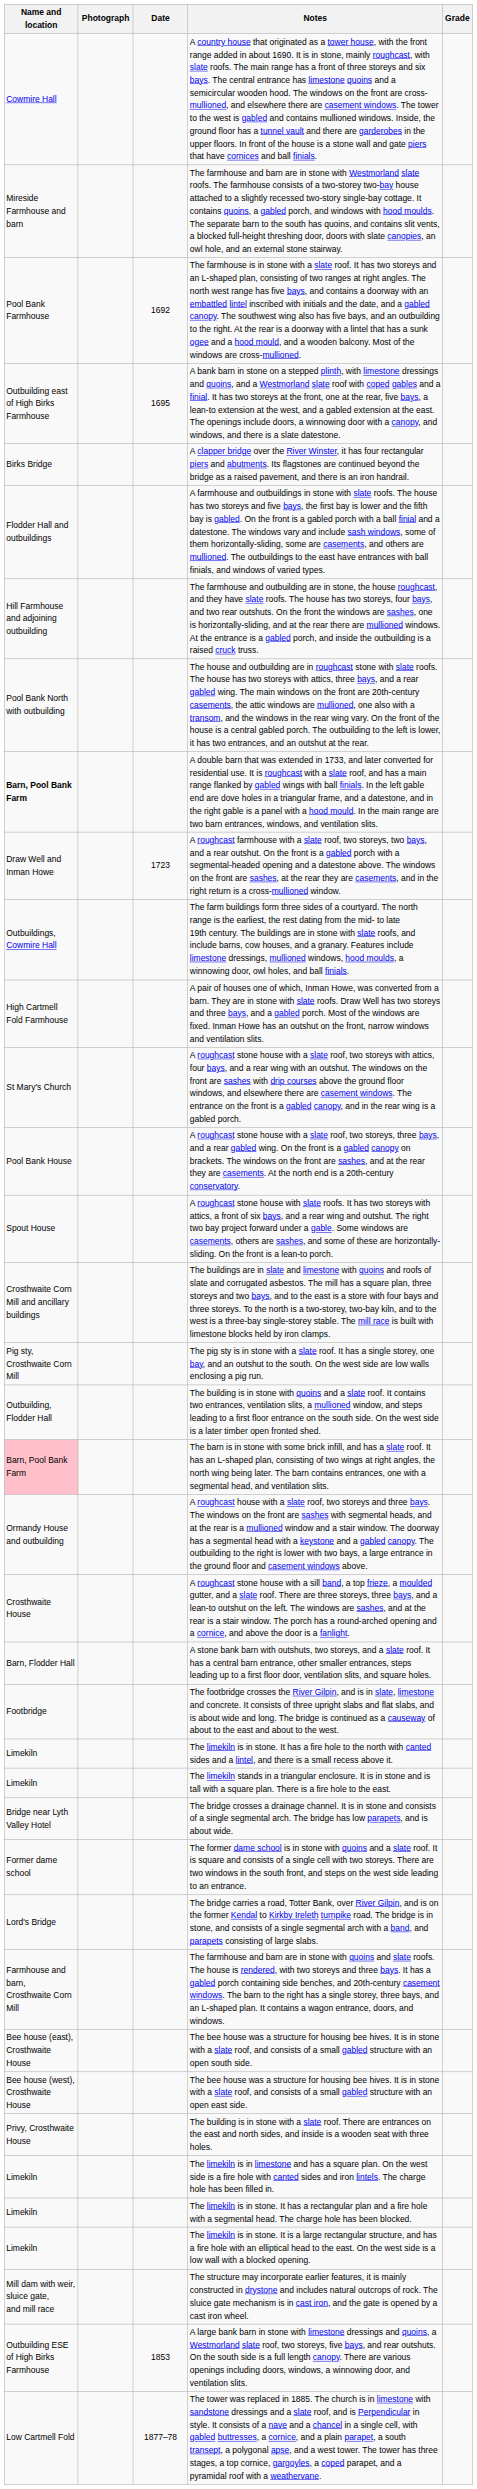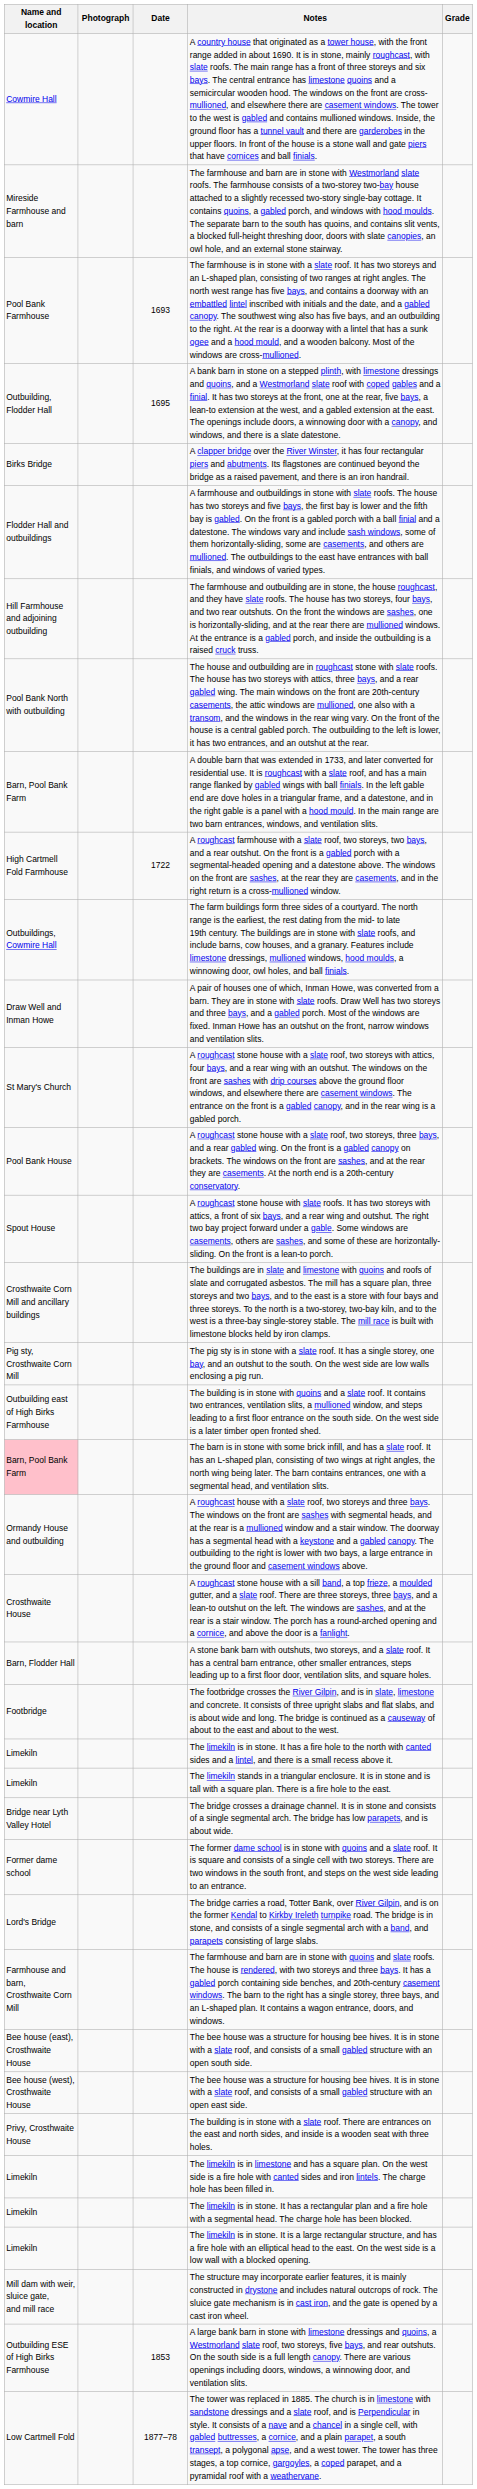 <table class="wikitable sortable plainrowheaders" style="width:100%; border:0; text-align:left; line-height:150%;">
 <tr>
 <th scope="col"  style="width:150px">Name and location</th>
 <th scope="col"  style="width:100px" class="unsortable">Photograph</th>
 <th scope="col"  style="width:120px">Date</th>
 <th scope="col"  style="width:650px" class="unsortable">Notes</th>
 <th scope="col"  style="width:50px">Grade</th>
 </tr>
 <tr>
 <td><a href='#'>Cowmire Hall</a><br><small></small></td>
 <td></td>
 <td align="center"></td>
 <td>A <a href='#'>country house</a> that originated as a <a href='#'>tower house</a>, with the front range added in about 1690.  It is in stone, mainly <a href='#'>roughcast</a>, with <a href='#'>slate</a> roofs.  The main range has a front of three storeys and six <a href='#'>bays</a>.  The central entrance has <a href='#'>limestone</a> <a href='#'>quoins</a> and a semicircular wooden hood.  The windows on the front are cross-<a href='#'>mullioned</a>, and elsewhere there are <a href='#'>casement windows</a>.  The tower to the west is <a href='#'>gabled</a> and contains mullioned windows.  Inside, the ground floor has a <a href='#'>tunnel vault</a> and there are <a href='#'>garderobes</a> in the upper floors.  In front of the house is a stone wall and gate <a href='#'>piers</a> that have <a href='#'>cornices</a> and ball <a href='#'>finials</a>.</td>
 <td align="center" ></td>
 </tr>
 <tr>
 <td>Mireside Farmhouse and barn<br><small></small></td>
 <td></td>
 <td align="center"></td>
 <td>The farmhouse and barn are in stone with <a href='#'>Westmorland</a> <a href='#'>slate</a> roofs.  The farmhouse consists of a two-storey two-<a href='#'>bay</a> house attached to a slightly recessed two-story single-bay cottage.  It contains <a href='#'>quoins</a>, a <a href='#'>gabled</a> porch, and windows with <a href='#'>hood moulds</a>.  The separate barn to the south has quoins, and contains slit vents, a blocked full-height threshing door, doors with slate <a href='#'>canopies</a>, an owl hole, and an external stone stairway.</td>
 <td align="center" ></td>
 </tr>
 <tr>
 <td>Pool Bank Farmhouse<br><small></small></td>
 <td></td>
-<td align="center">1692</td>
+<td align="center">1693</td>
 <td>The farmhouse is in stone with a <a href='#'>slate</a> roof.  It has two storeys and an L-shaped plan, consisting of two ranges at right angles.  The north west range has five <a href='#'>bays</a>, and contains a doorway with an <a href='#'>embattled</a> <a href='#'>lintel</a> inscribed with initials and the date, and a <a href='#'>gabled</a> <a href='#'>canopy</a>.  The southwest wing also has five bays, and an outbuilding to the right.  At the rear is a doorway with a lintel that has a sunk <a href='#'>ogee</a> and a <a href='#'>hood mould</a>, and a wooden balcony.  Most of the windows are cross-<a href='#'>mullioned</a>.</td>
 <td align="center" ></td>
 </tr>
 <tr>
-<td>Outbuilding east of High Birks Farmhouse<br><small></small></td>
+<td>Outbuilding, Flodder Hall<br><small></small></td>
 <td></td>
 <td align="center">1695</td>
 <td>A bank barn in stone on a stepped <a href='#'>plinth</a>, with <a href='#'>limestone</a> dressings and <a href='#'>quoins</a>, and a <a href='#'>Westmorland</a> <a href='#'>slate</a> roof with <a href='#'>coped</a> <a href='#'>gables</a> and a <a href='#'>finial</a>.  It has two storeys at the front, one at the rear, five <a href='#'>bays</a>, a lean-to extension at the west, and a gabled extension at the east.  The openings include doors, a winnowing door with a <a href='#'>canopy</a>, and windows, and there is a slate datestone.</td>
 <td align="center" ></td>
 </tr>
 <tr>
 <td>Birks Bridge<br><small></small></td>
 <td></td>
 <td align="center"></td>
 <td>A <a href='#'>clapper bridge</a> over the <a href='#'>River Winster</a>, it has four rectangular <a href='#'>piers</a> and <a href='#'>abutments</a>.  Its flagstones are continued beyond the bridge as a raised pavement, and there is an iron handrail.</td>
 <td align="center" ></td>
 </tr>
 <tr>
 <td>Flodder Hall and outbuildings<br><small></small></td>
 <td></td>
 <td align="center"></td>
 <td>A farmhouse and outbuildings in stone with <a href='#'>slate</a> roofs.  The house has two storeys and five <a href='#'>bays</a>, the first bay is lower and the fifth bay is <a href='#'>gabled</a>.  On the front is a gabled porch with a ball <a href='#'>finial</a> and a datestone.  The windows vary and include <a href='#'>sash windows</a>, some of them horizontally-sliding, some are <a href='#'>casements</a>, and others are <a href='#'>mullioned</a>.  The outbuildings to the east have entrances with ball finials, and windows of varied types.</td>
 <td align="center" ></td>
 </tr>
 <tr>
 <td>Hill Farmhouse and adjoining outbuilding<br><small></small></td>
 <td></td>
 <td align="center"></td>
 <td>The farmhouse and outbuilding are in stone, the house <a href='#'>roughcast</a>, and they have <a href='#'>slate</a> roofs.  The house has two storeys, four <a href='#'>bays</a>, and two rear outshuts.  On the front the windows are <a href='#'>sashes</a>, one is horizontally-sliding, and at the rear there are <a href='#'>mullioned</a> windows.  At the entrance is a <a href='#'>gabled</a> porch, and inside the outbuilding is a raised <a href='#'>cruck</a> truss.</td>
 <td align="center" ></td>
 </tr>
 <tr>
 <td>Pool Bank North with outbuilding<br><small></small></td>
 <td></td>
 <td align="center"></td>
 <td>The house and outbuilding are in <a href='#'>roughcast</a> stone with <a href='#'>slate</a> roofs.  The house has two storeys with attics, three <a href='#'>bays</a>, and a rear <a href='#'>gabled</a> wing.  The main windows on the front are 20th-century <a href='#'>casements</a>, the attic windows are <a href='#'>mullioned</a>, one also with a <a href='#'>transom</a>, and the windows in the rear wing vary.  On the front of the house is a central gabled porch.  The outbuilding to the left is lower, it has two entrances, and an outshut at the rear.</td>
 <td align="center" ></td>
 </tr>
 <tr>
-<td><strong>Barn, Pool Bank Farm<br><small></small></strong></td>
+<td>Barn, Pool Bank Farm<br><small></small></td>
 <td></td>
 <td align="center"></td>
 <td>A double barn that was extended in 1733, and later converted for residential use.  It is <a href='#'>roughcast</a> with a <a href='#'>slate</a> roof, and has a main range flanked by <a href='#'>gabled</a> wings with ball <a href='#'>finials</a>.  In the left gable end are dove holes in a triangular frame, and a datestone, and in the right gable is a panel with a <a href='#'>hood mould</a>.  In the main range are two barn entrances, windows, and ventilation slits.</td>
 <td align="center" ></td>
 </tr>
 <tr>
-<td>Draw Well and Inman Howe<br><small></small></td>
+<td>High Cartmell Fold Farmhouse<br><small></small></td>
 <td></td>
-<td align="center">1723</td>
+<td align="center">1722</td>
 <td>A <a href='#'>roughcast</a> farmhouse with a <a href='#'>slate</a> roof, two storeys, two <a href='#'>bays</a>, and a rear outshut.  On the front is a <a href='#'>gabled</a> porch with a segmental-headed opening and a datestone above.  The windows on the front are <a href='#'>sashes</a>, at the rear they are <a href='#'>casements</a>, and in the right return is a cross-<a href='#'>mullioned</a> window.</td>
 <td align="center" ></td>
 </tr>
 <tr>
 <td>Outbuildings, <a href='#'>Cowmire Hall</a><br><small></small></td>
 <td></td>
 <td align="center"></td>
 <td>The farm buildings form three sides of a courtyard.  The north range is the earliest, the rest dating from the mid- to late 19th century.  The buildings are in stone with <a href='#'>slate</a> roofs, and include barns, cow houses, and a granary.  Features include <a href='#'>limestone</a> dressings, <a href='#'>mullioned</a> windows, <a href='#'>hood moulds</a>, a winnowing door, owl holes, and ball <a href='#'>finials</a>.</td>
 <td align="center" ></td>
 </tr>
 <tr>
-<td>High Cartmell Fold Farmhouse<br><small></small></td>
+<td>Draw Well and Inman Howe<br><small></small></td>
 <td></td>
 <td align="center"></td>
 <td>A pair of houses one of which, Inman Howe, was converted from a barn.  They are in stone with <a href='#'>slate</a> roofs.  Draw Well has two storeys and three <a href='#'>bays</a>, and a <a href='#'>gabled</a> porch.  Most of the windows are fixed.  Inman Howe has an outshut on the front, narrow windows and ventilation slits.</td>
 <td align="center" ></td>
 </tr>
 <tr>
 <td>St Mary's Church<br><small></small></td>
 <td></td>
 <td align="center"></td>
 <td>A <a href='#'>roughcast</a> stone house with a <a href='#'>slate</a> roof, two storeys with attics, four <a href='#'>bays</a>, and a rear wing with an outshut.  The windows on the front are <a href='#'>sashes</a> with <a href='#'>drip courses</a> above the ground floor windows, and elsewhere there are <a href='#'>casement windows</a>.  The entrance on the front is a <a href='#'>gabled</a> <a href='#'>canopy</a>, and in the rear wing is a gabled porch.</td>
 <td align="center" ></td>
 </tr>
 <tr>
 <td>Pool Bank House<br><small></small></td>
 <td></td>
 <td align="center"></td>
 <td>A <a href='#'>roughcast</a> stone house with a <a href='#'>slate</a> roof, two storeys, three <a href='#'>bays</a>, and a rear <a href='#'>gabled</a> wing.  On the front is a <a href='#'>gabled</a> <a href='#'>canopy</a> on brackets.  The windows on the front are <a href='#'>sashes</a>, and at the rear they are <a href='#'>casements</a>.  At the north end is a 20th-century <a href='#'>conservatory</a>.</td>
 <td align="center" ></td>
 </tr>
 <tr>
 <td>Spout House<br><small></small></td>
 <td></td>
 <td align="center"></td>
 <td>A <a href='#'>roughcast</a> stone house with <a href='#'>slate</a> roofs.  It has two storeys with attics, a front of six <a href='#'>bays</a>, and a rear wing and outshut.  The right two bay project forward under a <a href='#'>gable</a>.  Some windows are <a href='#'>casements</a>, others are <a href='#'>sashes</a>, and some of these are horizontally-sliding.  On the front is a lean-to porch.</td>
 <td align="center" ></td>
 </tr>
 <tr>
 <td>Crosthwaite Corn Mill and ancillary buildings<br><small></small></td>
 <td></td>
 <td align="center"></td>
 <td>The buildings are in <a href='#'>slate</a> and <a href='#'>limestone</a> with <a href='#'>quoins</a> and roofs of slate and corrugated asbestos.  The mill has a square plan, three storeys and two <a href='#'>bays</a>, and to the east is a store with four bays and three storeys.  To the north is a two-storey, two-bay kiln, and to the west is a three-bay single-storey stable.  The <a href='#'>mill race</a> is built with limestone blocks held by iron clamps.</td>
 <td align="center" ></td>
 </tr>
 <tr>
 <td>Pig sty, Crosthwaite Corn Mill<br><small></small></td>
 <td></td>
 <td align="center"></td>
 <td>The pig sty is in stone with a <a href='#'>slate</a> roof.  It has a single storey, one <a href='#'>bay</a>, and an outshut to the south.  On the west side are low walls enclosing a pig run.</td>
 <td align="center" ></td>
 </tr>
 <tr>
-<td>Outbuilding, Flodder Hall<br><small></small></td>
+<td>Outbuilding east of High Birks Farmhouse<br><small></small></td>
 <td></td>
 <td align="center"></td>
 <td>The building is in stone with <a href='#'>quoins</a> and a <a href='#'>slate</a> roof.  It contains two entrances, ventilation slits, a <a href='#'>mullioned</a> window, and steps leading to a first floor entrance on the south side.  On the west side is a later timber open fronted shed.</td>
 <td align="center" ></td>
 </tr>
 <tr>
 <td style="background: pink;">Barn, Pool Bank Farm<br><small></small></td>
 <td></td>
 <td align="center"></td>
 <td>The barn is in stone with some brick infill, and has a <a href='#'>slate</a> roof.  It has an L-shaped plan, consisting of two wings at right angles, the north wing being later.  The barn contains entrances, one with a segmental head, and ventilation slits.</td>
 <td align="center" ></td>
 </tr>
 <tr>
 <td>Ormandy House and outbuilding<br><small></small></td>
 <td></td>
 <td align="center"></td>
 <td>A <a href='#'>roughcast</a> house with a <a href='#'>slate</a> roof, two storeys and three <a href='#'>bays</a>.  The windows on the front are <a href='#'>sashes</a> with segmental heads, and at the rear is a <a href='#'>mullioned</a> window and a stair window.  The doorway has a segmental head with a <a href='#'>keystone</a> and a <a href='#'>gabled</a> <a href='#'>canopy</a>.  The outbuilding to the right is lower with two bays, a large entrance in the ground floor and <a href='#'>casement windows</a> above.</td>
 <td align="center" ></td>
 </tr>
 <tr>
 <td>Crosthwaite House<br><small></small></td>
 <td></td>
 <td align="center"></td>
 <td>A <a href='#'>roughcast</a> stone house with a sill <a href='#'>band</a>, a top <a href='#'>frieze</a>, a <a href='#'>moulded</a> gutter, and a <a href='#'>slate</a> roof. There are three storeys, three <a href='#'>bays</a>, and a lean-to outshut on the left.  The windows are <a href='#'>sashes</a>, and at the rear is a stair window.  The porch has a round-arched opening and a <a href='#'>cornice</a>, and above the door is a <a href='#'>fanlight</a>.</td>
 <td align="center" ></td>
 </tr>
 <tr>
 <td>Barn, Flodder Hall<br><small></small></td>
 <td></td>
 <td align="center"></td>
 <td>A stone bank barn with outshuts, two storeys, and a <a href='#'>slate</a> roof.  It has a central barn entrance, other smaller entrances, steps leading up to a first floor door, ventilation slits, and square holes.</td>
 <td align="center" ></td>
 </tr>
 <tr>
 <td>Footbridge<br><small></small></td>
 <td></td>
 <td align="center"></td>
 <td>The footbridge crosses the <a href='#'>River Gilpin</a>, and is in <a href='#'>slate</a>, <a href='#'>limestone</a> and concrete.  It consists of three upright slabs and flat slabs, and is about  wide and  long.  The bridge is continued as a <a href='#'>causeway</a> of about  to the east and about  to the west.</td>
 <td align="center" ></td>
 </tr>
 <tr>
 <td>Limekiln<br><small></small></td>
 <td></td>
 <td align="center"></td>
 <td>The <a href='#'>limekiln</a> is in stone.  It has a fire hole to the north with <a href='#'>canted</a> sides and a <a href='#'>lintel</a>, and there is a small recess above it.</td>
 <td align="center" ></td>
 </tr>
 <tr>
 <td>Limekiln<br><small></small></td>
 <td></td>
 <td align="center"></td>
 <td>The <a href='#'>limekiln</a> stands in a triangular enclosure.  It is in stone and is tall with a square plan.  There is a fire hole to the east.</td>
 <td align="center" ></td>
 </tr>
 <tr>
 <td>Bridge near Lyth Valley Hotel<br><small></small></td>
 <td></td>
 <td align="center"></td>
 <td>The bridge crosses a drainage channel.  It is in stone and consists of a single segmental arch.  The bridge has low <a href='#'>parapets</a>, and is about  wide.</td>
 <td align="center" ></td>
 </tr>
 <tr>
 <td>Former dame school<br><small></small></td>
 <td></td>
 <td align="center"></td>
 <td>The former <a href='#'>dame school</a> is in stone with <a href='#'>quoins</a> and a <a href='#'>slate</a> roof.  It is square and consists of a single cell with two storeys.  There are two windows in the south front, and steps on the west side leading to an entrance.</td>
 <td align="center" ></td>
 </tr>
 <tr>
 <td>Lord's Bridge<br><small></small></td>
 <td></td>
 <td align="center"></td>
 <td>The bridge carries a road, Totter Bank, over <a href='#'>River Gilpin</a>, and is on the former <a href='#'>Kendal</a> to <a href='#'>Kirkby Ireleth</a> <a href='#'>turnpike</a> road.  The bridge is in stone, and consists of a single segmental arch with a <a href='#'>band</a>, and <a href='#'>parapets</a> consisting of large slabs.</td>
 <td align="center" ></td>
 </tr>
 <tr>
 <td>Farmhouse and barn,<br>Crosthwaite Corn Mill<br><small></small></td>
 <td></td>
 <td align="center"></td>
 <td>The farmhouse and barn are in stone with <a href='#'>quoins</a> and <a href='#'>slate</a> roofs.  The house is <a href='#'>rendered</a>, with two storeys and three <a href='#'>bays</a>.  It has a <a href='#'>gabled</a> porch containing side benches, and 20th-century <a href='#'>casement windows</a>.  The barn to the right has a single storey, three bays, and an L-shaped plan.  It contains a wagon entrance, doors, and windows.</td>
 <td align="center" ></td>
 </tr>
 <tr>
 <td>Bee house (east), Crosthwaite House<br><small></small></td>
 <td></td>
 <td align="center"></td>
 <td>The bee house was a structure for housing bee hives.  It is in stone with a <a href='#'>slate</a> roof, and consists of a small <a href='#'>gabled</a> structure with an open south side.</td>
 <td align="center" ></td>
 </tr>
 <tr>
 <td>Bee house (west), Crosthwaite House<br><small></small></td>
 <td></td>
 <td align="center"></td>
 <td>The bee house was a structure for housing bee hives.  It is in stone with a <a href='#'>slate</a> roof, and consists of a small <a href='#'>gabled</a> structure with an open east side.</td>
 <td align="center" ></td>
 </tr>
 <tr>
 <td>Privy, Crosthwaite House<br><small></small></td>
 <td></td>
 <td align="center"></td>
 <td>The building is in stone with a <a href='#'>slate</a> roof.  There are entrances on the east and north sides, and inside is a wooden seat with three holes.</td>
 <td align="center" ></td>
 </tr>
 <tr>
 <td>Limekiln<br><small></small></td>
 <td></td>
 <td align="center"></td>
 <td>The <a href='#'>limekiln</a> is in <a href='#'>limestone</a> and has a square plan.  On the west side is a fire hole with <a href='#'>canted</a> sides and iron <a href='#'>lintels</a>.  The charge hole has been filled in.</td>
 <td align="center" ></td>
 </tr>
 <tr>
 <td>Limekiln<br><small></small></td>
 <td></td>
 <td align="center"></td>
 <td>The <a href='#'>limekiln</a> is in stone.  It has a rectangular plan and a fire hole with a segmental head.  The charge hole has been blocked.</td>
 <td align="center" ></td>
 </tr>
 <tr>
 <td>Limekiln<br><small></small></td>
 <td></td>
 <td align="center"></td>
 <td>The <a href='#'>limekiln</a> is in stone.  It is a large rectangular structure, and has a fire hole with an elliptical head to the east.  On the west side is a low wall with a blocked opening.</td>
 <td align="center" ></td>
 </tr>
 <tr>
 <td>Mill dam with weir, sluice gate,<br>and mill race<br><small></small></td>
 <td></td>
 <td align="center"></td>
 <td>The structure may incorporate earlier features, it is mainly constructed in <a href='#'>drystone</a> and includes natural outcrops of rock.  The sluice gate mechanism is in <a href='#'>cast iron</a>, and the gate is opened by a cast iron wheel.</td>
 <td align="center" ></td>
 </tr>
 <tr>
 <td>Outbuilding ESE of High Birks Farmhouse<br><small></small></td>
 <td></td>
 <td align="center">1853</td>
 <td>A large bank barn in stone with <a href='#'>limestone</a> dressings and <a href='#'>quoins</a>, a <a href='#'>Westmorland</a> <a href='#'>slate</a> roof, two storeys, five <a href='#'>bays</a>, and rear outshuts.  On the south side is a full length <a href='#'>canopy</a>.  There are various openings including doors, windows, a winnowing door, and ventilation slits.</td>
 <td align="center" ></td>
 </tr>
 <tr>
 <td>Low Cartmell Fold<br><small></small></td>
 <td></td>
 <td align="center">1877–78</td>
 <td>The tower was replaced in 1885.  The church is in <a href='#'>limestone</a> with <a href='#'>sandstone</a> dressings and a <a href='#'>slate</a> roof, and is <a href='#'>Perpendicular</a> in style.  It consists of a <a href='#'>nave</a> and a <a href='#'>chancel</a> in a single cell, with <a href='#'>gabled</a> <a href='#'>buttresses</a>, a <a href='#'>cornice</a>, and a plain <a href='#'>parapet</a>, a south <a href='#'>transept</a>, a polygonal <a href='#'>apse</a>, and a west tower.  The tower has three stages, a top cornice, <a href='#'>gargoyles</a>, a <a href='#'>coped</a> parapet, and a pyramidal roof with a <a href='#'>weathervane</a>.</td>
 <td align="center" ></td>
 </tr>
 <tr>
 </tr>
 </table>
